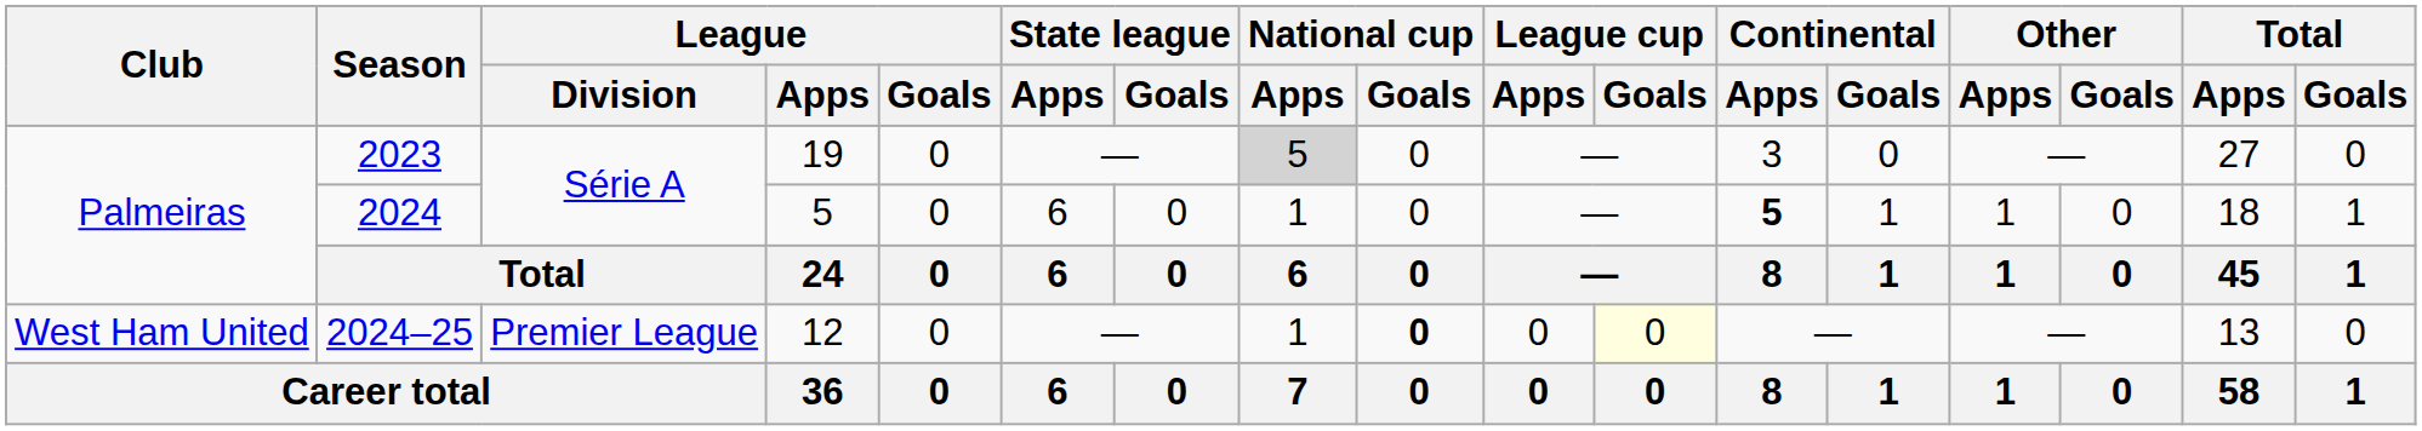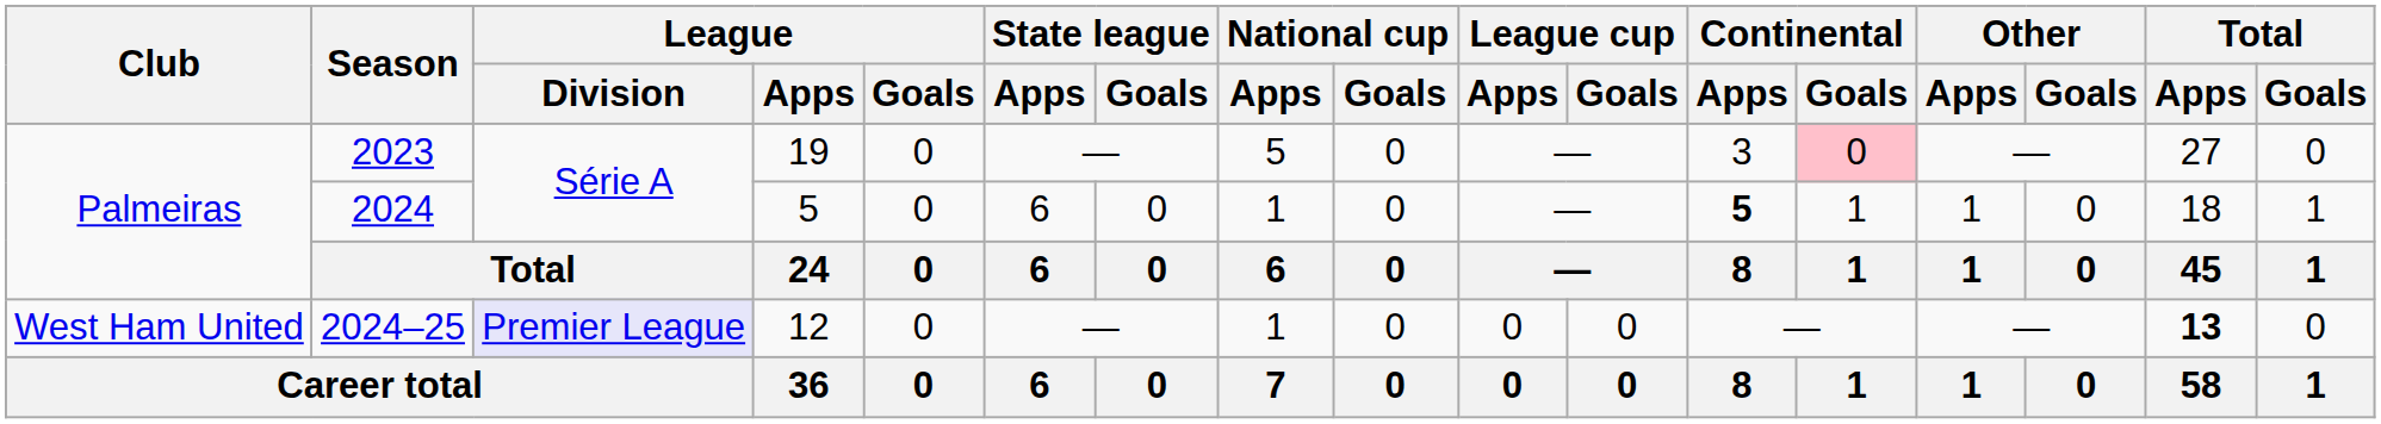 <table class="wikitable" style="text-align: center;">
 <tr>
 <th rowspan="2">Club</th>
 <th rowspan="2">Season</th>
 <th colspan="3">League</th>
 <th colspan="2">State league</th>
 <th colspan="2">National cup</th>
 <th colspan="2">League cup</th>
 <th colspan="2">Continental</th>
 <th colspan="2">Other</th>
 <th colspan="2">Total</th>
 </tr>
 <tr>
 <th>Division</th>
 <th>Apps</th>
 <th>Goals</th>
 <th>Apps</th>
 <th>Goals</th>
 <th>Apps</th>
 <th>Goals</th>
 <th>Apps</th>
 <th>Goals</th>
 <th>Apps</th>
 <th>Goals</th>
 <th>Apps</th>
 <th>Goals</th>
 <th>Apps</th>
 <th>Goals</th>
 </tr>
 <tr>
 <td rowspan="3"><a href='#'>Palmeiras</a></td>
 <td><a href='#'>2023</a></td>
 <td rowspan="2"><a href='#'>Série A</a></td>
 <td>19</td>
 <td>0</td>
 <td colspan="2">—</td>
-<td style="background: lightgrey;">5</td>
+<td>5</td>
 <td>0</td>
 <td colspan="2">—</td>
 <td>3</td>
-<td>0</td>
+<td style="background: pink;">0</td>
 <td colspan="2">—</td>
 <td>27</td>
 <td>0</td>
 </tr>
 <tr>
 <td><a href='#'>2024</a></td>
 <td>5</td>
 <td>0</td>
 <td>6</td>
 <td>0</td>
 <td>1</td>
 <td>0</td>
 <td colspan="2">—</td>
 <td><strong>5</strong></td>
 <td>1</td>
 <td>1</td>
 <td>0</td>
 <td>18</td>
 <td>1</td>
 </tr>
 <tr>
 <th colspan="2">Total</th>
 <th>24</th>
 <th>0</th>
 <th>6</th>
 <th>0</th>
 <th>6</th>
 <th>0</th>
 <th colspan="2">—</th>
 <th>8</th>
 <th>1</th>
 <th>1</th>
 <th>0</th>
 <th>45</th>
 <th>1</th>
 </tr>
 <tr>
 <td><a href='#'>West Ham United</a></td>
 <td><a href='#'>2024–25</a></td>
-<td><a href='#'>Premier League</a></td>
+<td style="background: lavender;"><a href='#'>Premier League</a></td>
 <td>12</td>
 <td>0</td>
 <td colspan="2">—</td>
 <td>1</td>
-<td><strong>0</strong></td>
 <td>0</td>
-<td style="background: lightyellow;">0</td>
+<td>0</td>
+<td>0</td>
 <td colspan="2">—</td>
 <td colspan="2">—</td>
-<td>13</td>
+<td><strong>13</strong></td>
 <td>0</td>
 </tr>
 <tr>
 <th colspan="3">Career total</th>
 <th>36</th>
 <th>0</th>
 <th>6</th>
 <th>0</th>
 <th>7</th>
 <th>0</th>
 <th>0</th>
 <th>0</th>
 <th>8</th>
 <th>1</th>
 <th>1</th>
 <th>0</th>
 <th>58</th>
 <th>1</th>
 </tr>
 </table>
